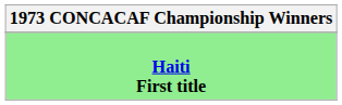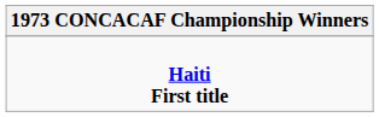 <table class="wikitable" style="text-align: center; margin: 0 auto;">
 <tr>
 <th>1973 CONCACAF Championship Winners</th>
 </tr>
 <tr>
 </tr>
 <tr>
-<td align=center style="background: lightgreen;"><br><strong><a href='#'>Haiti</a></strong><br><strong>First title</strong></td>
+<td align=center><br><strong><a href='#'>Haiti</a></strong><br><strong>First title</strong></td>
 </tr>
 </table>
